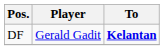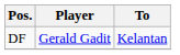 <table class="wikitable">
 <tr>
 <th>Pos.</th>
 <th>Player</th>
 <th>To</th>
 </tr>
 <tr>
 <td>DF</td>
 <td> <a href='#'>Gerald Gadit</a></td>
-<td><strong> <a href='#'>Kelantan</a></strong></td>
+<td> <a href='#'>Kelantan</a></td>
 </tr>
 <tr>
 </tr>
 </table>
